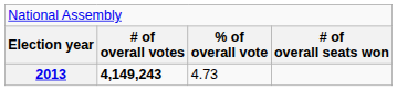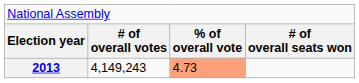 <table class=wikitable>
 <tr>
 <td colspan=6><a href='#'>National Assembly</a></td>
 </tr>
 <tr>
 <th>Election year</th>
 <th># of<br>overall votes</th>
 <th>% of<br>overall vote</th>
 <th># of<br>overall seats won</th>
 </tr>
 <tr>
 <th><a href='#'>2013</a></th>
-<td><strong>4,149,243</strong></td>
-<td>4.73</td>
+<td>4,149,243</td>
+<td style="background: lightsalmon;">4.73</td>
 <td></td>
 </tr>
 </table>
